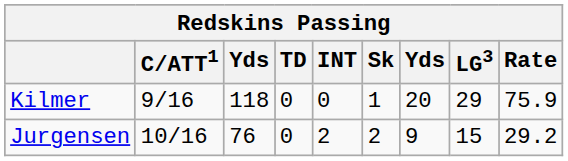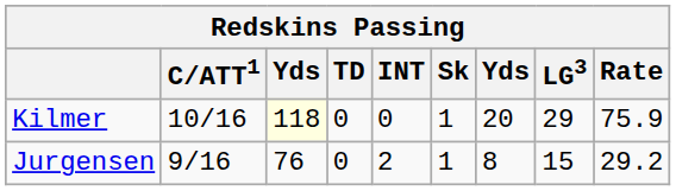 <table class="wikitable">
 <tr>
 <th colspan="9">Redskins Passing</th>
 </tr>
 <tr>
 <th></th>
 <th>C/ATT<sup>1</sup></th>
 <th>Yds</th>
 <th>TD</th>
 <th>INT</th>
 <th>Sk</th>
 <th>Yds</th>
 <th>LG<sup>3</sup></th>
 <th>Rate</th>
 </tr>
 <tr>
 <td><a href='#'>Kilmer</a></td>
-<td>9/16</td>
-<td>118</td>
+<td>10/16</td>
+<td style="background: lightyellow;">118</td>
 <td>0</td>
 <td>0</td>
 <td>1</td>
 <td>20</td>
 <td>29</td>
 <td>75.9</td>
 </tr>
 <tr>
 <td><a href='#'>Jurgensen</a></td>
-<td>10/16</td>
+<td>9/16</td>
 <td>76</td>
 <td>0</td>
 <td>2</td>
-<td>2</td>
-<td>9</td>
+<td>1</td>
+<td>8</td>
 <td>15</td>
 <td>29.2</td>
 </tr>
 </table>
